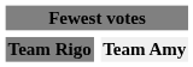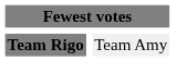 <table cellpadding=2 cellspacing=6>
 <tr bgcolor=#808080>
 <td colspan="3" align="center"><strong>Fewest votes</strong></td>
 </tr>
 <tr>
 <td bgcolor="#808080"><strong>Team Rigo</strong></td>
-<td bgcolor="#F0F0F0"><strong>Team Amy</strong></td>
+<td bgcolor="#F0F0F0">Team Amy</td>
 </tr>
 </table>
